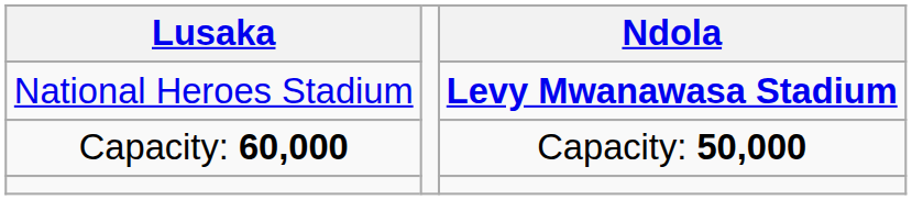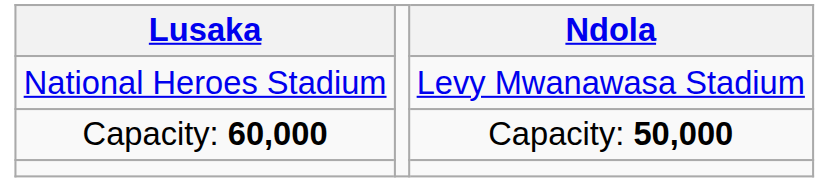 <table class="wikitable" style="margin: 1em auto;">
 <tr>
 <th><a href='#'>Lusaka</a></th>
 <td rowspan="4"><br></td>
 <th><a href='#'>Ndola</a></th>
 </tr>
 <tr>
 <td><a href='#'>National Heroes Stadium</a></td>
-<td><strong><a href='#'>Levy Mwanawasa Stadium</a></strong></td>
+<td><a href='#'>Levy Mwanawasa Stadium</a></td>
 </tr>
 <tr>
 <td align=center>Capacity: <strong>60,000</strong></td>
 <td align=center>Capacity: <strong>50,000</strong></td>
 </tr>
 <tr>
 <td></td>
 <td></td>
 </tr>
 </table>
